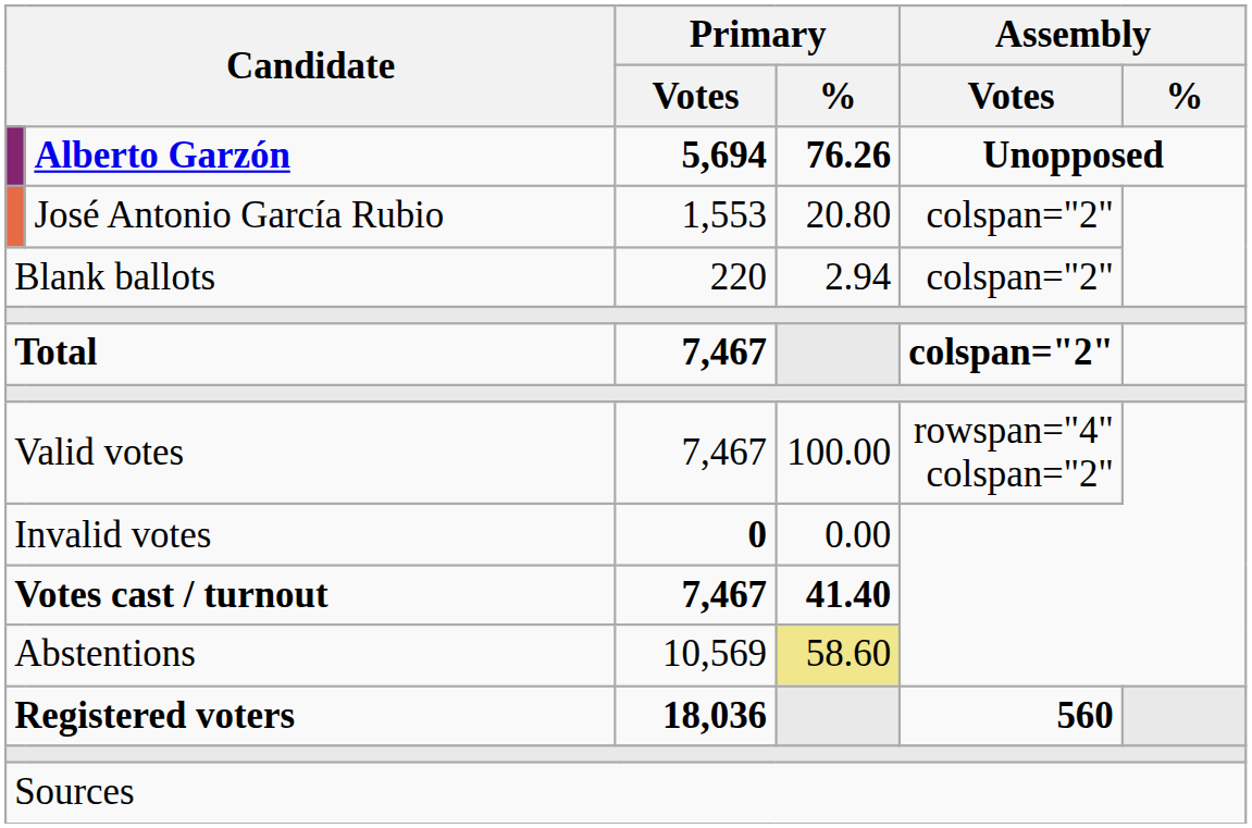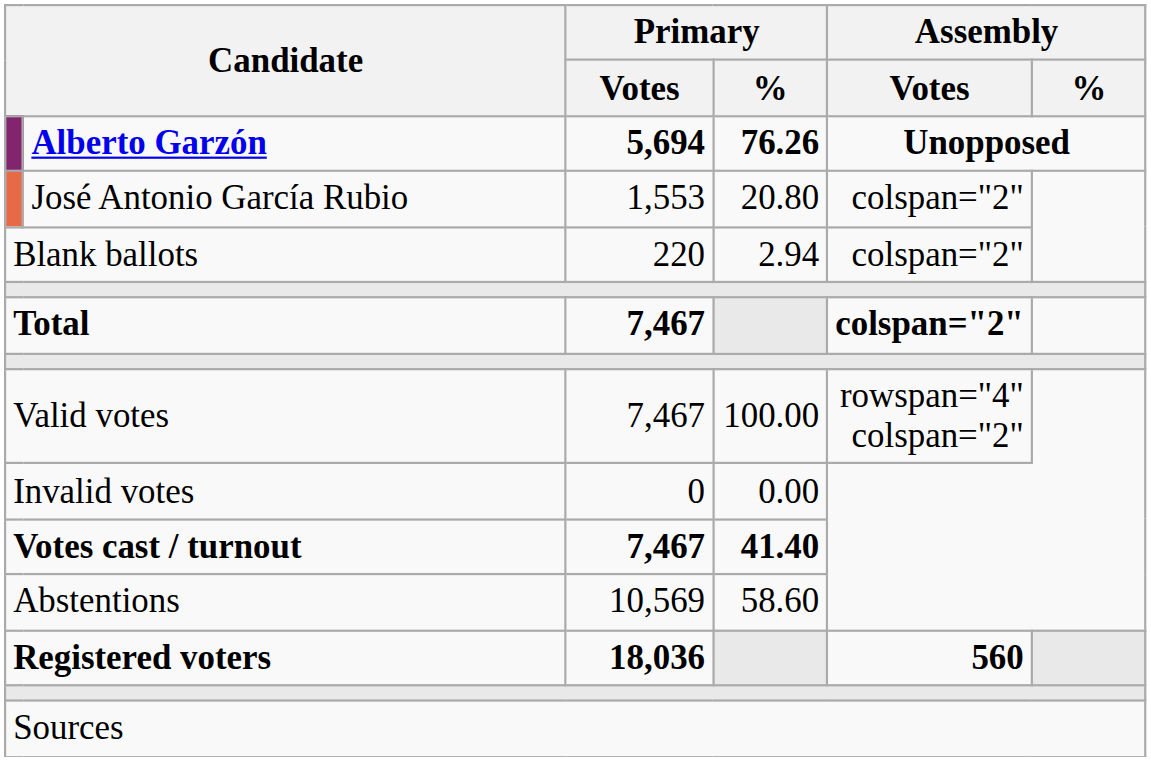 <table class="wikitable" style="text-align:right;">
 <tr>
 <th rowspan="2" colspan="2" width="250">Candidate</th>
 <th colspan="2">Primary</th>
 <th colspan="2">Assembly</th>
 </tr>
 <tr>
 <th width="60">Votes</th>
 <th width="45">%</th>
 <th width="50">Votes</th>
 <th width="45">%</th>
 </tr>
 <tr>
 <td width="1" style="color:inherit;background:#83246E"></td>
 <td align="left"><strong><a href='#'>Alberto Garzón</a></strong></td>
 <td><strong>5,694</strong></td>
 <td><strong>76.26</strong></td>
 <td colspan="2" align="center"><strong>Unopposed</strong></td>
 </tr>
 <tr>
 <td width="1" style="color:inherit;background:#E66A45"></td>
 <td align="left">José Antonio García Rubio</td>
 <td>1,553</td>
 <td>20.80</td>
 <td>colspan="2" </td>
 </tr>
 <tr>
 <td align="left" colspan="2">Blank ballots</td>
 <td>220</td>
 <td>2.94</td>
 <td>colspan="2" </td>
 </tr>
 <tr>
 <td colspan="6" bgcolor="#E9E9E9"></td>
 </tr>
 <tr style="font-weight:bold;">
 <td align="left" colspan="2">Total</td>
 <td><strong>7,467</strong></td>
 <td bgcolor="#E9E9E9"></td>
 <td>colspan="2" </td>
 </tr>
 <tr>
 <td colspan="6" bgcolor="#E9E9E9"></td>
 </tr>
 <tr>
 <td align="left" colspan="2">Valid votes</td>
 <td>7,467</td>
 <td>100.00</td>
 <td>rowspan="4" colspan="2" </td>
 </tr>
 <tr>
 <td align="left" colspan="2">Invalid votes</td>
-<td><strong>0</strong></td>
+<td>0</td>
 <td>0.00</td>
 </tr>
 <tr style="font-weight:bold;">
 <td align="left" colspan="2">Votes cast / turnout</td>
 <td>7,467</td>
 <td>41.40</td>
 </tr>
 <tr>
 <td align="left" colspan="2">Abstentions</td>
 <td>10,569</td>
-<td style="background: khaki;">58.60</td>
+<td>58.60</td>
 </tr>
 <tr style="font-weight:bold;">
 <td align="left" colspan="2">Registered voters</td>
 <td>18,036</td>
 <td bgcolor="#E9E9E9"></td>
 <td>560</td>
 <td bgcolor="#E9E9E9"></td>
 </tr>
 <tr>
 <td colspan="6" bgcolor="#E9E9E9"></td>
 </tr>
 <tr>
 <td align="left" colspan="6">Sources</td>
 </tr>
 </table>
